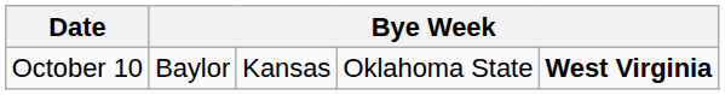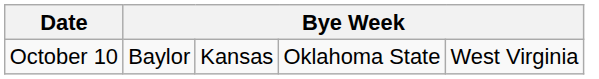 <table class="wikitable" style="font-size:95%">
 <tr>
 <th>Date</th>
 <th colspan="4">Bye Week</th>
 </tr>
 <tr>
 <td>October 10</td>
 <td>Baylor</td>
 <td>Kansas</td>
 <td>Oklahoma State</td>
-<td><strong>West Virginia</strong></td>
+<td>West Virginia</td>
 </tr>
 </table>
